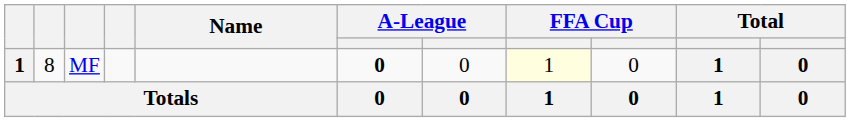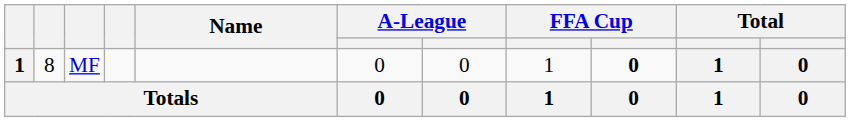 <table class="wikitable" style="text-align:center">
 <tr>
 <th rowspan="2" width="15"></th>
 <th rowspan="2" width="15"></th>
 <th rowspan="2" width="15"></th>
 <th rowspan="2" width="15"></th>
 <th rowspan="2" width="145">Name</th>
 <th colspan="2" width="120"><a href='#'>A-League</a></th>
 <th colspan="2" width="120"><a href='#'>FFA Cup</a></th>
 <th colspan="2" width="120">Total</th>
 </tr>
 <tr>
 <th style="width:30px"></th>
 <th style="width:30px"></th>
 <th style="width:30px"></th>
 <th style="width:30px"></th>
 <th style="width:30px"></th>
 <th style="width:30px"></th>
 </tr>
 <tr>
 <th>1</th>
 <td>8</td>
 <td><a href='#'>MF</a></td>
 <td></td>
 <td align="left"><br></td>
-<td><strong>0</strong></td>
+<td>0</td>
 <td>0<br></td>
-<td style="background: lightyellow;">1</td>
-<td>0<br></td>
+<td>1</td>
+<td><strong>0<br></strong></td>
 <th>1</th>
 <th>0</th>
 </tr>
 <tr>
 <th colspan="5">Totals</th>
 <th>0</th>
 <th>0</th>
 <th>1</th>
 <th>0</th>
 <th>1</th>
 <th>0</th>
 </tr>
 </table>
